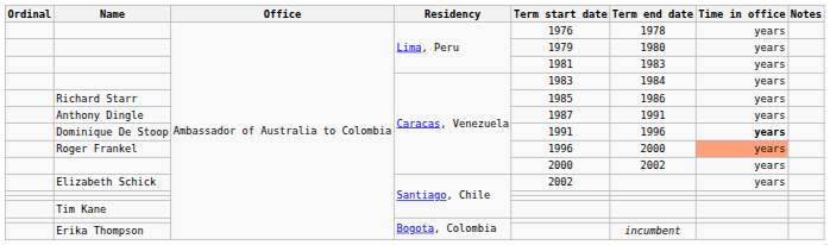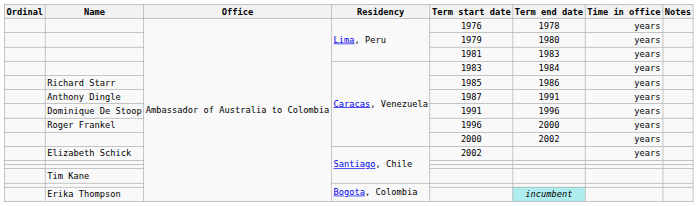 <table class='wikitable sortable'>
 <tr>
 <th>Ordinal</th>
 <th>Name</th>
 <th>Office</th>
 <th>Residency</th>
 <th>Term start date</th>
 <th>Term end date</th>
 <th>Time in office</th>
 <th>Notes</th>
 </tr>
 <tr>
 <td align=center></td>
 <td> </td>
 <td rowspan=15>Ambassador of Australia to Colombia</td>
 <td rowspan=3><a href='#'>Lima</a>, Peru</td>
 <td align=center>1976</td>
 <td align=center>1978</td>
 <td align=right> years</td>
 <td></td>
 </tr>
 <tr>
 <td align=center></td>
 <td> </td>
 <td align=center>1979</td>
 <td align=center>1980</td>
 <td align=right> years</td>
 <td></td>
 </tr>
 <tr>
 <td align=center></td>
 <td></td>
 <td align=center>1981</td>
 <td align=center>1983</td>
 <td align=right> years</td>
 <td></td>
 </tr>
 <tr>
 <td align=center></td>
 <td></td>
 <td rowspan=6><a href='#'>Caracas</a>, Venezuela</td>
 <td align=center>1983</td>
 <td align=center>1984</td>
 <td align=right> years</td>
 <td></td>
 </tr>
 <tr>
 <td align=center></td>
 <td>Richard Starr</td>
 <td align=center>1985</td>
 <td align=center>1986</td>
 <td align=right> years</td>
 <td></td>
 </tr>
 <tr>
 <td align=center></td>
 <td>Anthony Dingle</td>
 <td align=center>1987</td>
 <td align=center>1991</td>
 <td align=right> years</td>
 <td></td>
 </tr>
 <tr>
 <td align=center></td>
 <td>Dominique De Stoop</td>
 <td align=center>1991</td>
 <td align=center>1996</td>
-<td align=right><strong> years</strong></td>
+<td align=right> years</td>
 <td></td>
 </tr>
 <tr>
 <td align=center></td>
 <td>Roger Frankel</td>
 <td align=center>1996</td>
 <td align=center>2000</td>
-<td align=right style="background: lightsalmon;"> years</td>
+<td align=right> years</td>
 <td></td>
 </tr>
 <tr>
 <td align=center></td>
 <td></td>
 <td align=center>2000</td>
 <td align=center>2002</td>
 <td align=right> years</td>
 <td></td>
 </tr>
 <tr>
 <td align=center></td>
 <td>Elizabeth Schick</td>
 <td rowspan=4><a href='#'>Santiago</a>, Chile</td>
 <td align=center>2002</td>
 <td align=center></td>
 <td align=right> years</td>
 <td></td>
 </tr>
 <tr>
 <td align=center></td>
 <td></td>
 <td align=center></td>
 <td align=center></td>
 <td align=right></td>
 <td></td>
 </tr>
 <tr>
 <td align=center></td>
 <td></td>
 <td align=center></td>
 <td align=center></td>
 <td align=right></td>
 <td></td>
 </tr>
 <tr>
 <td align=center></td>
 <td>Tim Kane</td>
 <td align=center></td>
 <td align=center></td>
 <td align=right><strong></strong></td>
 <td></td>
 </tr>
 <tr>
 <td align=center></td>
 <td></td>
 <td rowspan=2><a href='#'>Bogota</a>, Colombia</td>
 <td align=center></td>
 <td align=center></td>
 <td align=right></td>
 <td></td>
 </tr>
 <tr>
 <td align=center></td>
 <td>Erika Thompson</td>
 <td align=center></td>
-<td align=center><em>incumbent</em></td>
+<td align=center style="background: paleturquoise;"><em>incumbent</em></td>
 <td align=right></td>
 <td></td>
 </tr>
 </table>
